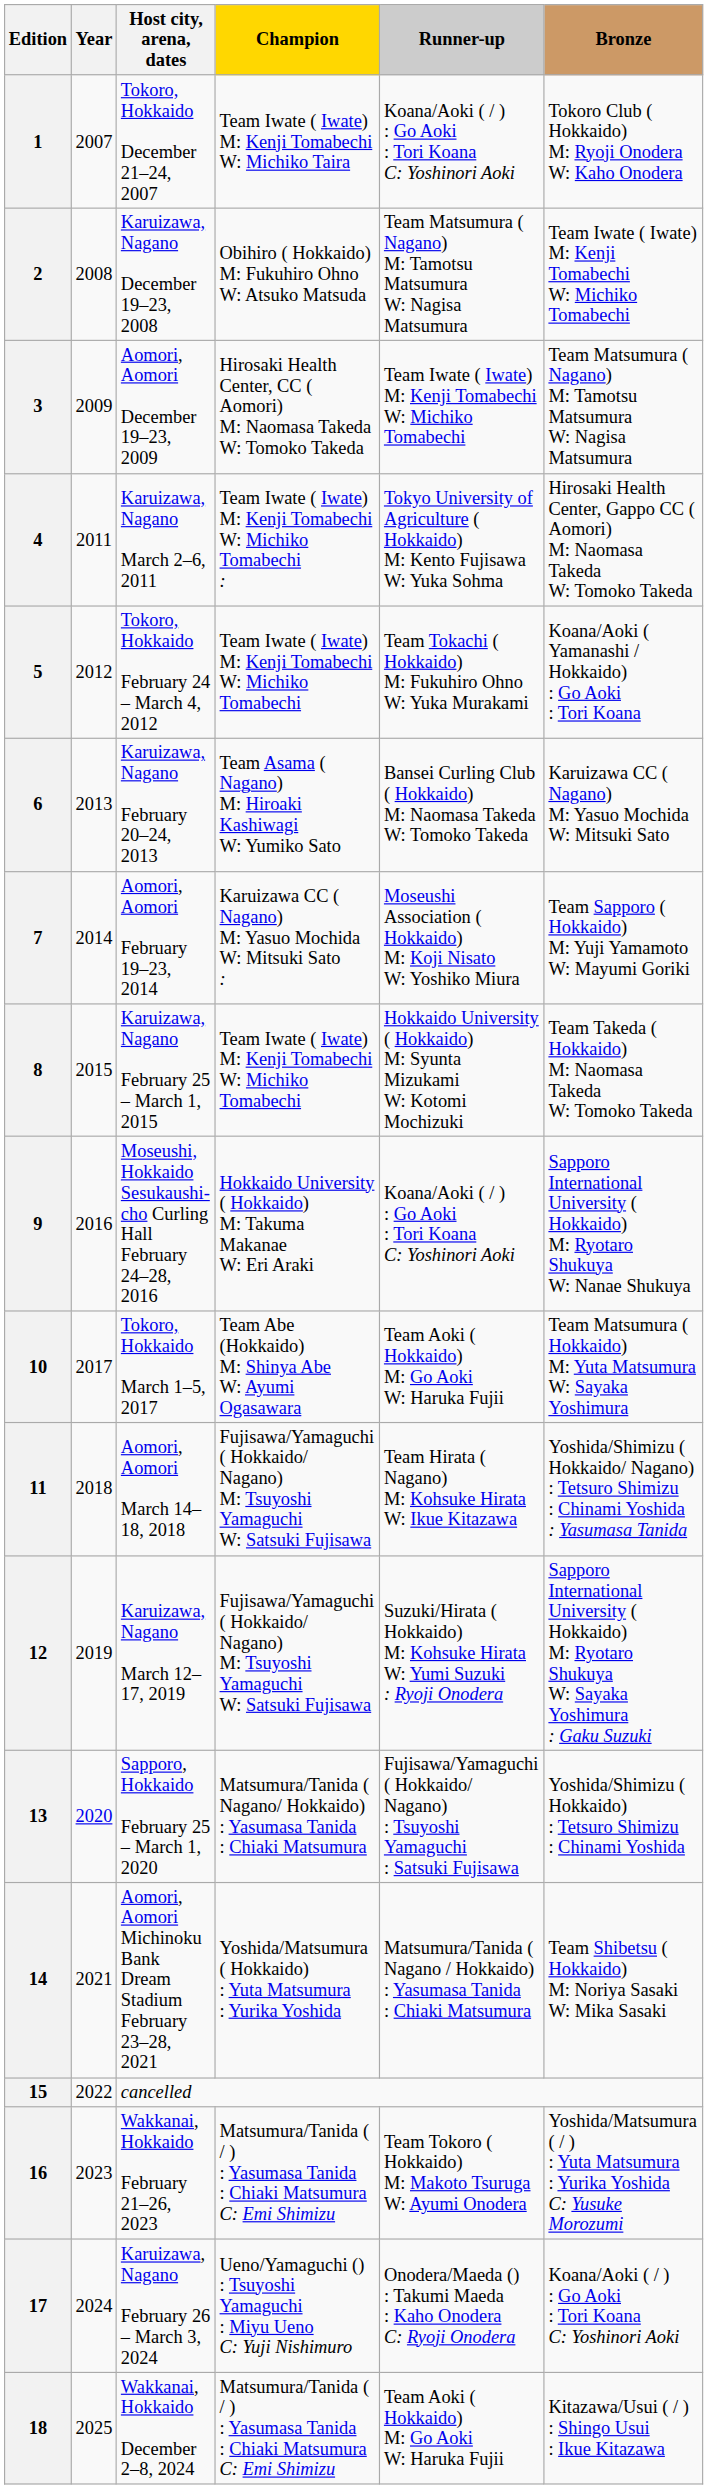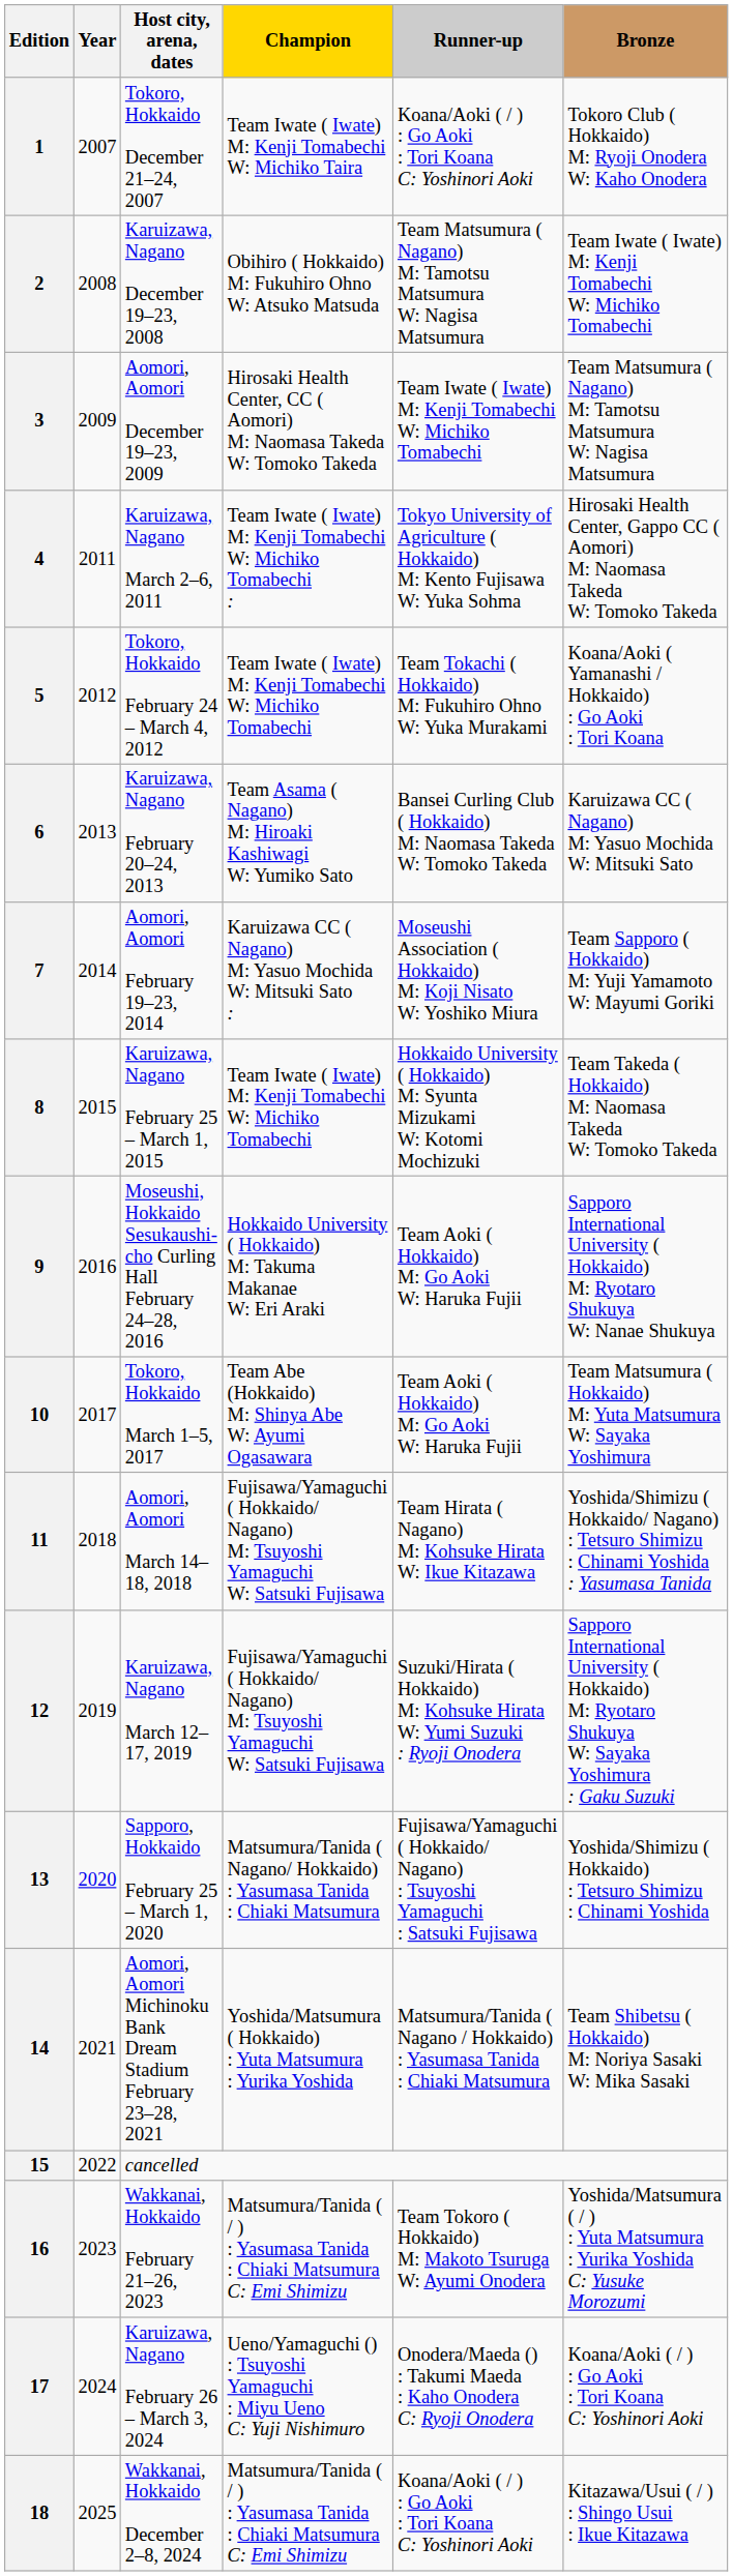 <table class="wikitable">
 <tr>
 <th>Edition</th>
 <th>Year</th>
 <th>Host city, arena,<br>dates</th>
 <th style="background: #FFD700;">Champion</th>
 <th style="background: #CCCCCC;">Runner-up</th>
 <th style="background: #CC9966;">Bronze</th>
 </tr>
 <tr>
 <th>1</th>
 <td align=center>2007</td>
 <td><a href='#'>Tokoro, Hokkaido</a><br><br>December 21–24, 2007</td>
 <td>Team Iwate ( <a href='#'>Iwate</a>)<br>M: <a href='#'>Kenji Tomabechi</a><br>W: <a href='#'>Michiko Taira</a></td>
 <td>Koana/Aoki ( / ) <br> : <a href='#'>Go Aoki</a> <br>: <a href='#'>Tori Koana</a><br><em>C: Yoshinori Aoki</em></td>
 <td>Tokoro Club ( Hokkaido)<br>M: <a href='#'>Ryoji Onodera</a><br>W: <a href='#'>Kaho Onodera</a></td>
 </tr>
 <tr>
 <th>2</th>
 <td align=center>2008</td>
 <td><a href='#'>Karuizawa, Nagano</a><br><br>December 19–23, 2008</td>
 <td>Obihiro ( Hokkaido)<br>M: Fukuhiro Ohno<br>W: Atsuko Matsuda</td>
 <td>Team Matsumura ( <a href='#'>Nagano</a>)<br>M: Tamotsu Matsumura<br>W: Nagisa Matsumura</td>
 <td>Team Iwate ( Iwate)<br>M: <a href='#'>Kenji Tomabechi</a><br>W: <a href='#'>Michiko Tomabechi</a></td>
 </tr>
 <tr>
 <th>3</th>
 <td align=center>2009</td>
 <td><a href='#'>Aomori</a>, <a href='#'>Aomori</a><br><br>December 19–23, 2009</td>
 <td>Hirosaki Health Center,  CC ( Aomori)<br>M: Naomasa Takeda<br>W: Tomoko Takeda</td>
 <td>Team Iwate ( <a href='#'>Iwate</a>)<br>M: <a href='#'>Kenji Tomabechi</a><br>W: <a href='#'>Michiko Tomabechi</a></td>
 <td>Team Matsumura ( <a href='#'>Nagano</a>)<br>M: Tamotsu Matsumura<br>W: Nagisa Matsumura</td>
 </tr>
 <tr>
 <th>4</th>
 <td align=center>2011</td>
 <td><a href='#'>Karuizawa, Nagano</a><br><br>March 2–6, 2011</td>
 <td>Team Iwate ( <a href='#'>Iwate</a>)<br>M: <a href='#'>Kenji Tomabechi</a><br>W: <a href='#'>Michiko Tomabechi</a><br><em>: </em></td>
 <td><a href='#'>Tokyo University of Agriculture</a> ( <a href='#'>Hokkaido</a>)<br>M: Kento Fujisawa<br>W: Yuka Sohma</td>
 <td>Hirosaki Health Center, Gappo CC ( Aomori)<br>M: Naomasa Takeda<br>W: Tomoko Takeda</td>
 </tr>
 <tr>
 <th>5</th>
 <td align=center>2012</td>
 <td><a href='#'>Tokoro, Hokkaido</a><br><br>February 24 – March 4, 2012</td>
 <td>Team Iwate ( <a href='#'>Iwate</a>)<br>M: <a href='#'>Kenji Tomabechi</a><br>W: <a href='#'>Michiko Tomabechi</a></td>
 <td>Team <a href='#'>Tokachi</a> ( <a href='#'>Hokkaido</a>)<br>M: Fukuhiro Ohno<br>W: Yuka Murakami</td>
 <td>Koana/Aoki ( Yamanashi /  Hokkaido) <br> : <a href='#'>Go Aoki</a> <br>: <a href='#'>Tori Koana</a></td>
 </tr>
 <tr>
 <th>6</th>
 <td align=center>2013</td>
 <td><a href='#'>Karuizawa, Nagano</a><br><br>February 20–24, 2013</td>
 <td>Team <a href='#'>Asama</a> ( <a href='#'>Nagano</a>)<br>M: <a href='#'>Hiroaki Kashiwagi</a><br>W: Yumiko Sato</td>
 <td>Bansei Curling Club ( <a href='#'>Hokkaido</a>)<br>M: Naomasa Takeda<br>W: Tomoko Takeda</td>
 <td>Karuizawa CC ( <a href='#'>Nagano</a>)<br>M: Yasuo Mochida<br>W: Mitsuki Sato</td>
 </tr>
 <tr>
 <th>7</th>
 <td align=center>2014</td>
 <td><a href='#'>Aomori</a>, <a href='#'>Aomori</a><br><br>February 19–23, 2014</td>
 <td>Karuizawa CC ( <a href='#'>Nagano</a>)<br>M: Yasuo Mochida<br>W: Mitsuki Sato<br><em>: </em></td>
 <td><a href='#'>Moseushi</a> Association ( <a href='#'>Hokkaido</a>)<br>M: <a href='#'>Koji Nisato</a><br>W: Yoshiko Miura</td>
 <td>Team <a href='#'>Sapporo</a> ( <a href='#'>Hokkaido</a>)<br>M: Yuji Yamamoto<br>W: Mayumi Goriki</td>
 </tr>
 <tr>
 <th>8</th>
 <td align=center>2015</td>
 <td><a href='#'>Karuizawa, Nagano</a><br><br>February 25 – March 1, 2015</td>
 <td>Team Iwate ( <a href='#'>Iwate</a>)<br>M: <a href='#'>Kenji Tomabechi</a><br>W: <a href='#'>Michiko Tomabechi</a></td>
 <td><a href='#'>Hokkaido University</a> ( <a href='#'>Hokkaido</a>)<br>M: Syunta Mizukami<br>W: Kotomi Mochizuki</td>
 <td>Team Takeda ( <a href='#'>Hokkaido</a>)<br>M: Naomasa Takeda<br>W: Tomoko Takeda</td>
 </tr>
 <tr>
 <th>9</th>
 <td align=center>2016</td>
 <td><a href='#'>Moseushi, Hokkaido</a><br><a href='#'>Sesukaushi-cho</a> Curling Hall<br>February 24–28, 2016</td>
 <td><a href='#'>Hokkaido University</a> ( <a href='#'>Hokkaido</a>)<br>M: Takuma Makanae<br>W: Eri Araki</td>
-<td>Koana/Aoki ( / ) <br> : <a href='#'>Go Aoki</a> <br>: <a href='#'>Tori Koana</a><br><em>C: Yoshinori Aoki</em></td>
+<td>Team Aoki ( <a href='#'>Hokkaido</a>)<br>M: <a href='#'>Go Aoki</a><br>W: Haruka Fujii</td>
 <td><a href='#'>Sapporo International University</a> ( <a href='#'>Hokkaido</a>)<br>M: <a href='#'>Ryotaro Shukuya</a><br>W: Nanae Shukuya</td>
 </tr>
 <tr>
 <th>10</th>
 <td align=center>2017</td>
 <td><a href='#'>Tokoro, Hokkaido</a><br><br>March 1–5, 2017</td>
 <td>Team Abe (Hokkaido)<br>M: <a href='#'>Shinya Abe</a><br>W: <a href='#'>Ayumi Ogasawara</a></td>
 <td>Team Aoki ( <a href='#'>Hokkaido</a>)<br>M: <a href='#'>Go Aoki</a><br>W: Haruka Fujii</td>
 <td>Team Matsumura ( <a href='#'>Hokkaido</a>)<br>M: <a href='#'>Yuta Matsumura</a><br>W: <a href='#'>Sayaka Yoshimura</a></td>
 </tr>
 <tr>
 <th>11</th>
 <td align=center>2018</td>
 <td><a href='#'>Aomori</a>, <a href='#'>Aomori</a><br><br>March 14–18, 2018</td>
 <td>Fujisawa/Yamaguchi ( Hokkaido/ Nagano)<br>M: <a href='#'>Tsuyoshi Yamaguchi</a><br>W: <a href='#'>Satsuki Fujisawa</a><br></td>
 <td>Team Hirata ( Nagano)<br>M: <a href='#'>Kohsuke Hirata</a><br>W: <a href='#'>Ikue Kitazawa</a><br></td>
 <td>Yoshida/Shimizu ( Hokkaido/ Nagano)<br>: <a href='#'>Tetsuro Shimizu</a><br>: <a href='#'>Chinami Yoshida</a><br><em>: <a href='#'>Yasumasa Tanida</a></em></td>
 </tr>
 <tr>
 <th>12</th>
 <td align=center>2019</td>
 <td><a href='#'>Karuizawa, Nagano</a><br><br>March 12–17, 2019</td>
 <td>Fujisawa/Yamaguchi ( Hokkaido/ Nagano)<br>M: <a href='#'>Tsuyoshi Yamaguchi</a><br>W: <a href='#'>Satsuki Fujisawa</a><br></td>
 <td>Suzuki/Hirata ( Hokkaido)<br>M: <a href='#'>Kohsuke Hirata</a><br>W: <a href='#'>Yumi Suzuki</a><br><em>: <a href='#'>Ryoji Onodera</a></em></td>
 <td><a href='#'>Sapporo International University</a> ( Hokkaido)<br>M: <a href='#'>Ryotaro Shukuya</a><br>W: <a href='#'>Sayaka Yoshimura</a><br><em>: <a href='#'>Gaku Suzuki</a></em></td>
 </tr>
 <tr>
 <th>13</th>
 <td align=center><a href='#'>2020</a></td>
 <td><a href='#'>Sapporo</a>, <a href='#'>Hokkaido</a><br><br>February 25 – March 1, 2020</td>
 <td>Matsumura/Tanida ( Nagano/ Hokkaido)<br>: <a href='#'>Yasumasa Tanida</a><br>: <a href='#'>Chiaki Matsumura</a></td>
 <td>Fujisawa/Yamaguchi ( Hokkaido/ Nagano)<br>: <a href='#'>Tsuyoshi Yamaguchi</a><br>: <a href='#'>Satsuki Fujisawa</a></td>
 <td>Yoshida/Shimizu ( Hokkaido)<br>: <a href='#'>Tetsuro Shimizu</a><br>: <a href='#'>Chinami Yoshida</a></td>
 </tr>
 <tr>
 <th>14</th>
 <td align=center>2021</td>
 <td><a href='#'>Aomori</a>, <a href='#'>Aomori</a><br>Michinoku Bank Dream Stadium<br>February 23–28, 2021</td>
 <td>Yoshida/Matsumura ( Hokkaido) <br> : <a href='#'>Yuta Matsumura</a> <br> : <a href='#'>Yurika Yoshida</a></td>
 <td>Matsumura/Tanida ( Nagano /  Hokkaido) <br> : <a href='#'>Yasumasa Tanida</a> <br>: <a href='#'>Chiaki Matsumura</a></td>
 <td>Team <a href='#'>Shibetsu</a> ( <a href='#'>Hokkaido</a>)<br>M: Noriya Sasaki<br>W: Mika Sasaki</td>
 </tr>
 <tr>
 <th>15</th>
 <td align=center>2022</td>
 <td colspan=4><em>cancelled</em></td>
 </tr>
 <tr>
 <th>16</th>
 <td align=center>2023</td>
 <td><a href='#'>Wakkanai</a>, <a href='#'>Hokkaido</a><br><br>February 21–26, 2023</td>
 <td>Matsumura/Tanida ( / ) <br> : <a href='#'>Yasumasa Tanida</a> <br>: <a href='#'>Chiaki Matsumura</a><br><em>C: <a href='#'>Emi Shimizu</a></em></td>
 <td>Team Tokoro ( Hokkaido)<br>M: <a href='#'>Makoto Tsuruga</a><br>W: <a href='#'>Ayumi Onodera</a></td>
 <td>Yoshida/Matsumura ( / ) <br> : <a href='#'>Yuta Matsumura</a> <br> : <a href='#'>Yurika Yoshida</a><br><em>C: <a href='#'>Yusuke Morozumi</a></em></td>
 </tr>
 <tr>
 <th>17</th>
 <td align=center>2024</td>
 <td><a href='#'>Karuizawa</a>, <a href='#'>Nagano</a><br><br>February 26 – March 3, 2024</td>
 <td>Ueno/Yamaguchi () <br> : <a href='#'>Tsuyoshi Yamaguchi</a> <br>: <a href='#'>Miyu Ueno</a><br><em>C: Yuji Nishimuro</em></td>
 <td>Onodera/Maeda () <br> : Takumi Maeda <br>: <a href='#'>Kaho Onodera</a><br><em>C: <a href='#'>Ryoji Onodera</a></em></td>
 <td>Koana/Aoki ( / ) <br> : <a href='#'>Go Aoki</a> <br>: <a href='#'>Tori Koana</a><br><em>C: Yoshinori Aoki</em></td>
 </tr>
 <tr>
 <th>18</th>
 <td align=center>2025</td>
 <td><a href='#'>Wakkanai</a>, <a href='#'>Hokkaido</a><br><br> December 2–8, 2024</td>
 <td>Matsumura/Tanida ( / ) <br> : <a href='#'>Yasumasa Tanida</a> <br>: <a href='#'>Chiaki Matsumura</a><br><em>C: <a href='#'>Emi Shimizu</a></em></td>
-<td>Team Aoki ( <a href='#'>Hokkaido</a>)<br>M: <a href='#'>Go Aoki</a><br>W: Haruka Fujii</td>
+<td>Koana/Aoki ( / ) <br> : <a href='#'>Go Aoki</a> <br>: <a href='#'>Tori Koana</a><br><em>C: Yoshinori Aoki</em></td>
 <td>Kitazawa/Usui ( / ) <br> : <a href='#'>Shingo Usui</a> <br>: <a href='#'>Ikue Kitazawa</a><br></td>
 </tr>
 </table>
